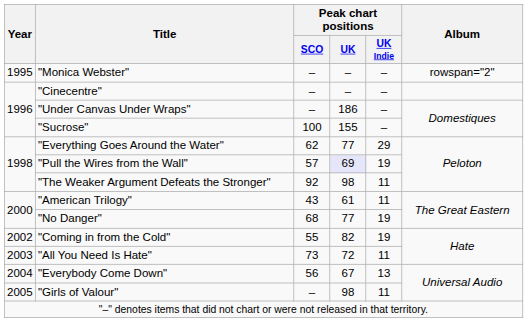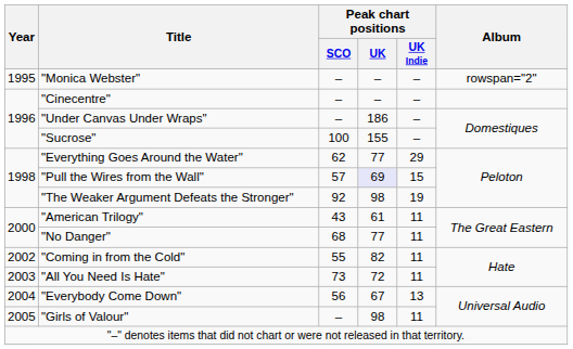 <table class="wikitable" style="text-align:center;">
 <tr>
 <th rowspan="2" style="width:2em;">Year</th>
 <th rowspan="2" style="width:22em;">Title</th>
 <th colspan="3">Peak chart positions</th>
 <th rowspan="2" style="width:10em;">Album</th>
 </tr>
 <tr>
 <th style="width:3em;font-size:90%;"><a href='#'>SCO</a><br></th>
 <th style="width:3em;font-size:90%;"><a href='#'>UK</a><br></th>
 <th style="width:3em;font-size:90%;"><a href='#'>UK<br><small>Indie</small></a><br></th>
 </tr>
 <tr>
 <td>1995</td>
 <td style="text-align:left;">"Monica Webster"</td>
 <td>–</td>
 <td>–</td>
 <td>–</td>
 <td>rowspan="2" </td>
 </tr>
 <tr>
 <td rowspan="3">1996</td>
 <td style="text-align:left;">"Cinecentre"</td>
 <td>–</td>
 <td>–</td>
 <td>–</td>
 </tr>
 <tr>
 <td style="text-align:left;">"Under Canvas Under Wraps"</td>
 <td>–</td>
 <td>186</td>
 <td>–</td>
 <td rowspan="2"><em>Domestiques</em></td>
 </tr>
 <tr>
 <td style="text-align:left;">"Sucrose"</td>
 <td>100</td>
 <td>155</td>
 <td>–</td>
 </tr>
 <tr>
 <td rowspan="3">1998</td>
 <td style="text-align:left;">"Everything Goes Around the Water"</td>
 <td>62</td>
 <td>77</td>
 <td>29</td>
 <td rowspan="3"><em>Peloton</em></td>
 </tr>
 <tr>
 <td style="text-align:left;">"Pull the Wires from the Wall"</td>
 <td>57</td>
 <td style="background: lavender;">69</td>
-<td>19</td>
+<td>15</td>
 </tr>
 <tr>
 <td style="text-align:left;">"The Weaker Argument Defeats the Stronger"</td>
 <td>92</td>
 <td>98</td>
-<td>11</td>
+<td>19</td>
 </tr>
 <tr>
 <td rowspan="2">2000</td>
 <td style="text-align:left;">"American Trilogy"</td>
 <td>43</td>
 <td>61</td>
 <td>11</td>
 <td rowspan="2"><em>The Great Eastern</em></td>
 </tr>
 <tr>
 <td style="text-align:left;">"No Danger"</td>
 <td>68</td>
 <td>77</td>
-<td>19</td>
+<td>11</td>
 </tr>
 <tr>
 <td>2002</td>
 <td style="text-align:left;">"Coming in from the Cold"</td>
 <td>55</td>
 <td>82</td>
-<td>19</td>
+<td>11</td>
 <td rowspan="2"><em>Hate</em></td>
 </tr>
 <tr>
 <td>2003</td>
 <td style="text-align:left;">"All You Need Is Hate"</td>
 <td>73</td>
 <td>72</td>
 <td>11</td>
 </tr>
 <tr>
 <td>2004</td>
 <td style="text-align:left;">"Everybody Come Down"</td>
 <td>56</td>
 <td>67</td>
 <td>13</td>
 <td rowspan="2"><em>Universal Audio</em></td>
 </tr>
 <tr>
 <td>2005</td>
 <td style="text-align:left;">"Girls of Valour"</td>
 <td>–</td>
 <td>98</td>
 <td>11</td>
 </tr>
 <tr>
 <td colspan="15" style="font-size:90%">"–" denotes items that did not chart or were not released in that territory.</td>
 </tr>
 </table>
